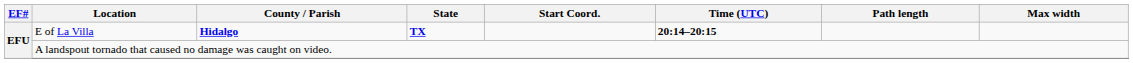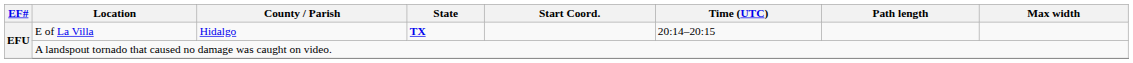 <table class="wikitable sortable" style="width:100%;">
 <tr>
 <th scope="col" width="2%" align="center"><a href='#'>EF#</a></th>
 <th scope="col" align="center" class="unsortable">Location</th>
 <th scope="col" align="center" class="unsortable">County / Parish</th>
 <th scope="col" align="center">State</th>
 <th scope="col" align="center">Start Coord.</th>
 <th scope="col" align="center">Time (<a href='#'>UTC</a>)</th>
 <th scope="col" align="center">Path length</th>
 <th scope="col" align="center">Max width</th>
 </tr>
 <tr>
 <th scope="row" rowspan="2" style="background-color:#">EFU</th>
 <td>E of <a href='#'>La Villa</a></td>
-<td><strong><a href='#'>Hidalgo</a></strong></td>
+<td><a href='#'>Hidalgo</a></td>
 <td><strong><a href='#'>TX</a></strong></td>
 <td></td>
-<td><strong>20:14–20:15</strong></td>
+<td>20:14–20:15</td>
 <td></td>
 <td></td>
 </tr>
 <tr class="expand-child">
 <td colspan="8" style=" border-bottom: 1px solid black;">A landspout tornado that caused no damage was caught on video.</td>
 </tr>
 <tr>
 </tr>
 </table>
